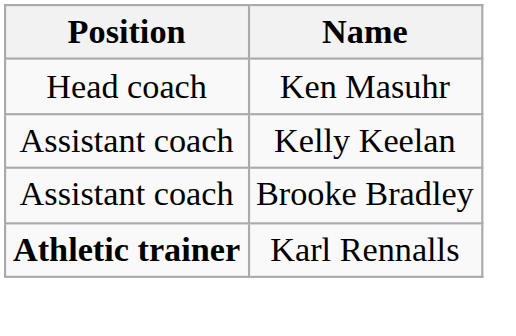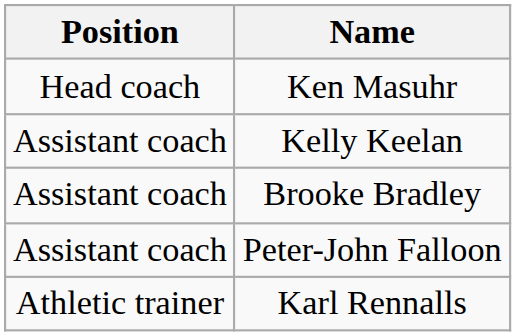 <table class="wikitable" style="text-align:center;">
 <tr>
 <th width=px>Position</th>
 <th width=px>Name</th>
 </tr>
 <tr>
 <td>Head coach</td>
 <td>Ken Masuhr</td>
 </tr>
 <tr>
 <td>Assistant coach</td>
 <td>Kelly Keelan</td>
 </tr>
 <tr>
 <td>Assistant coach</td>
 <td>Brooke Bradley</td>
 </tr>
 <tr>
-<td><strong>Athletic trainer</strong></td>
+<td>Assistant coach</td>
+<td>Peter-John Falloon</td>
+</tr>
+<tr>
+<td>Athletic trainer</td>
 <td>Karl Rennalls</td>
 </tr>
 </table>
